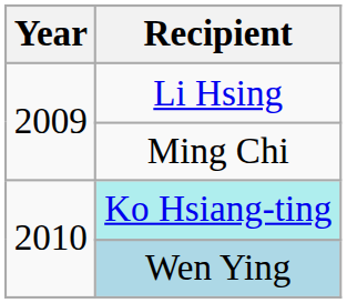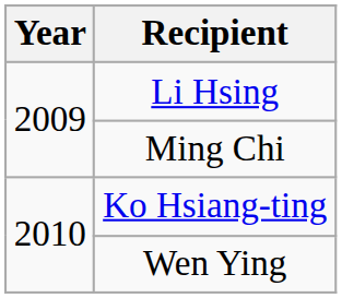 <table class="sortable wikitable" style="text-align:center">
 <tr>
 <th>Year</th>
 <th>Recipient</th>
 </tr>
 <tr>
 <td rowspan=2>2009</td>
 <td><a href='#'>Li Hsing</a></td>
 </tr>
 <tr>
 <td>Ming Chi</td>
 </tr>
 <tr>
 <td rowspan=2>2010</td>
-<td style="background: paleturquoise;"><a href='#'>Ko Hsiang-ting</a></td>
+<td><a href='#'>Ko Hsiang-ting</a></td>
 </tr>
 <tr>
-<td style="background: lightblue;">Wen Ying</td>
+<td>Wen Ying</td>
 </tr>
 </table>
